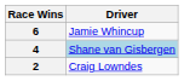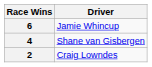 <table class="wikitable" style="font-size: 95%;">
 <tr>
 <th>Race Wins</th>
 <th>Driver</th>
 </tr>
 <tr>
 <th>6</th>
 <td> <a href='#'>Jamie Whincup</a></td>
 </tr>
 <tr>
 <th>4</th>
-<td style="background: lightblue;"> <a href='#'>Shane van Gisbergen</a></td>
+<td> <a href='#'>Shane van Gisbergen</a></td>
 </tr>
 <tr>
 <th>2</th>
 <td> <a href='#'>Craig Lowndes</a></td>
 </tr>
 </table>
